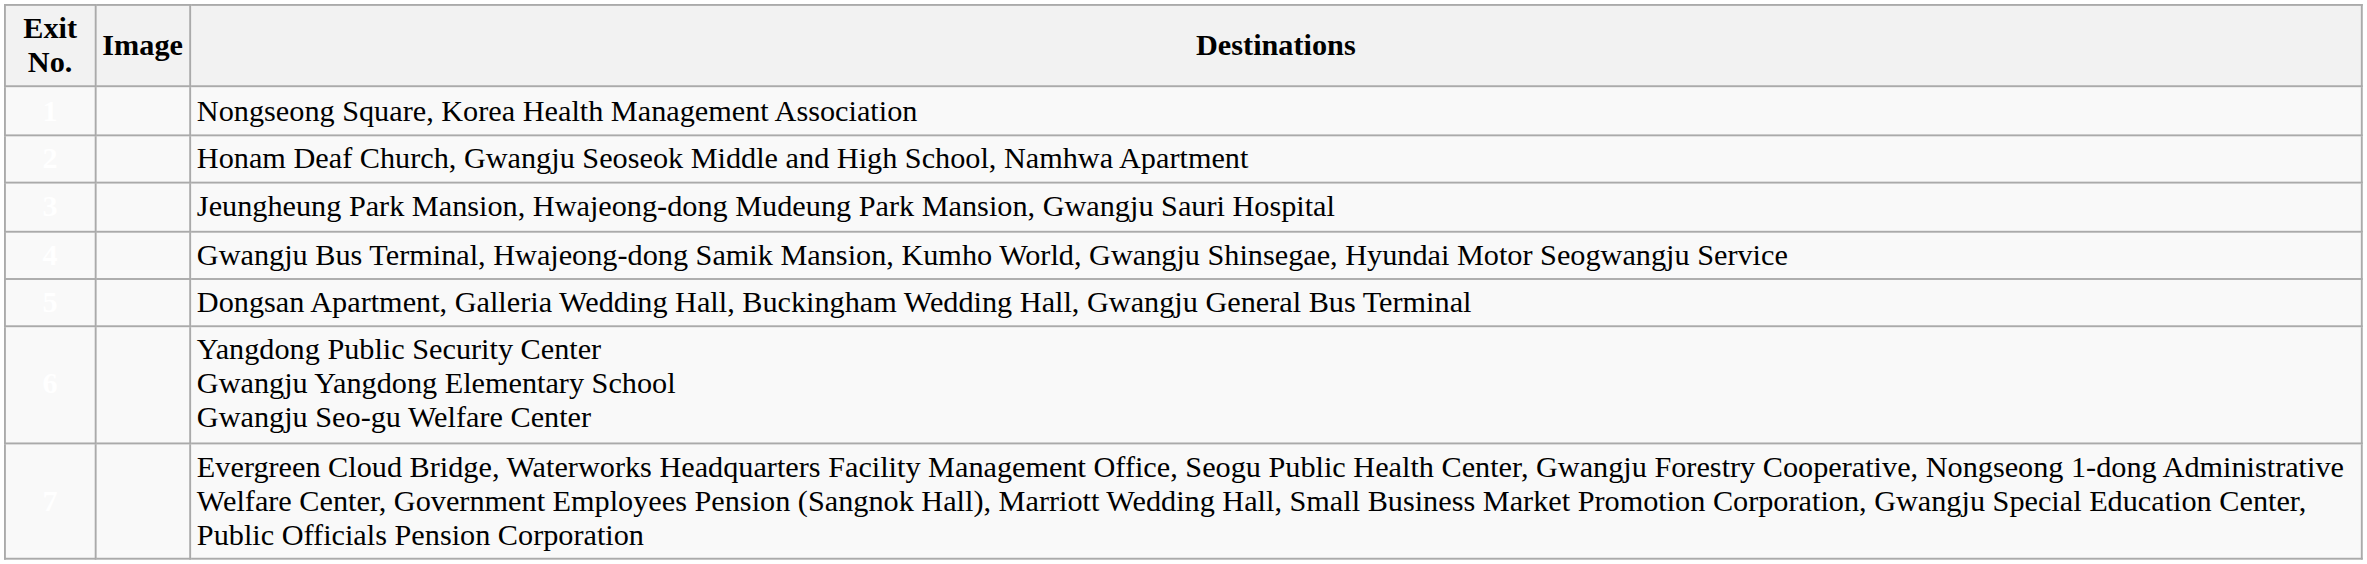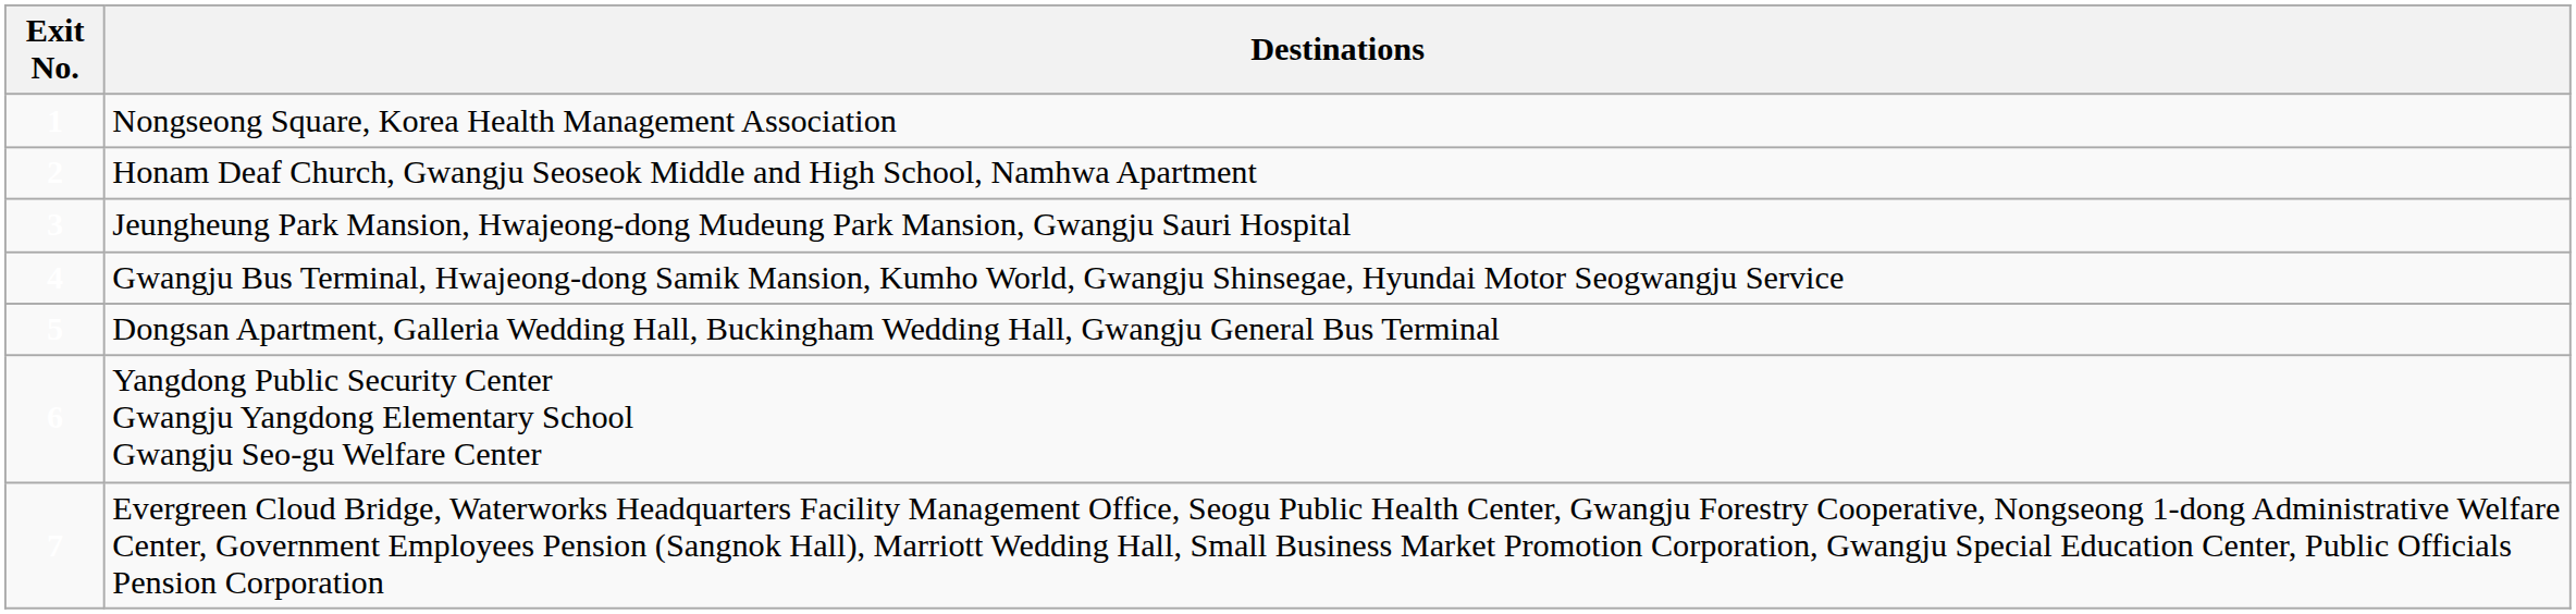 <table class="wikitable">
 <tr>
 <th>Exit No.</th>
-<th>Image</th>
 <th>Destinations</th>
 </tr>
 <tr>
 <td style="text-align:center; color:white;"><strong>1</strong></td>
-<td></td>
 <td>Nongseong Square, Korea Health Management Association</td>
 </tr>
 <tr>
 <td style="text-align:center; color:white;"><strong>2</strong></td>
-<td></td>
 <td>Honam Deaf Church, Gwangju Seoseok Middle and High School, Namhwa Apartment</td>
 </tr>
 <tr>
 <td style="text-align:center; color:white;"><strong>3</strong></td>
-<td></td>
 <td>Jeungheung Park Mansion, Hwajeong-dong Mudeung Park Mansion, Gwangju Sauri Hospital</td>
 </tr>
 <tr>
 <td style="text-align:center; color:white;"><strong>4</strong></td>
-<td></td>
 <td>Gwangju Bus Terminal, Hwajeong-dong Samik Mansion, Kumho World, Gwangju Shinsegae, Hyundai Motor Seogwangju Service</td>
 </tr>
 <tr>
 <td style="text-align:center; color:white;"><strong>5</strong></td>
-<td></td>
 <td>Dongsan Apartment, Galleria Wedding Hall, Buckingham Wedding Hall, Gwangju General Bus Terminal</td>
 </tr>
 <tr>
 <td style="text-align:center; color:white;"><strong>6</strong></td>
-<td></td>
 <td>Yangdong Public Security Center<br>Gwangju Yangdong Elementary School<br>Gwangju Seo-gu Welfare Center</td>
 </tr>
 <tr>
 <td style="text-align:center; color:white;"><strong>7</strong></td>
-<td></td>
 <td>Evergreen Cloud Bridge, Waterworks Headquarters Facility Management Office, Seogu Public Health Center, Gwangju Forestry Cooperative, Nongseong 1-dong Administrative Welfare Center, Government Employees Pension (Sangnok Hall), Marriott Wedding Hall, Small Business Market Promotion Corporation, Gwangju Special Education Center, Public Officials Pension Corporation</td>
 </tr>
 </table>
